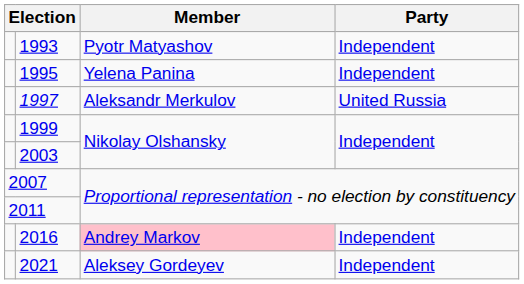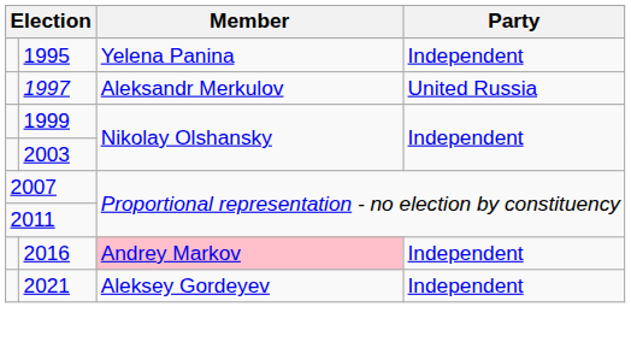 <table class="wikitable">
 <tr>
 <th colspan="2">Election</th>
 <th>Member</th>
 <th>Party</th>
-</tr>
-<tr>
-<td style="background-color:"></td>
-<td><a href='#'>1993</a></td>
-<td><a href='#'>Pyotr Matyashov</a></td>
-<td><a href='#'>Independent</a></td>
 </tr>
 <tr>
 <td style="background-color:"></td>
 <td><a href='#'>1995</a></td>
 <td><a href='#'>Yelena Panina</a></td>
 <td><a href='#'>Independent</a></td>
 </tr>
 <tr>
 <td style="background-color:"></td>
 <td><em><a href='#'>1997</a></em></td>
 <td><a href='#'>Aleksandr Merkulov</a></td>
 <td><a href='#'>United Russia</a></td>
 </tr>
 <tr>
 <td style="background-color:"></td>
 <td><a href='#'>1999</a></td>
 <td rowspan=2><a href='#'>Nikolay Olshansky</a></td>
 <td rowspan=2><a href='#'>Independent</a></td>
 </tr>
 <tr>
 <td style="background-color:"></td>
 <td><a href='#'>2003</a></td>
 </tr>
 <tr>
 <td colspan=2><a href='#'>2007</a></td>
 <td colspan=2 rowspan=2><em><a href='#'>Proportional representation</a> - no election by constituency</em></td>
 </tr>
 <tr>
 <td colspan=2><a href='#'>2011</a></td>
 </tr>
 <tr>
 <td style="background-color:"></td>
 <td><a href='#'>2016</a></td>
 <td style="background: pink;"><a href='#'>Andrey Markov</a></td>
 <td><a href='#'>Independent</a></td>
 </tr>
 <tr>
 <td style="background-color:"></td>
 <td><a href='#'>2021</a></td>
 <td><a href='#'>Aleksey Gordeyev</a></td>
 <td><a href='#'>Independent</a></td>
 </tr>
 </table>
